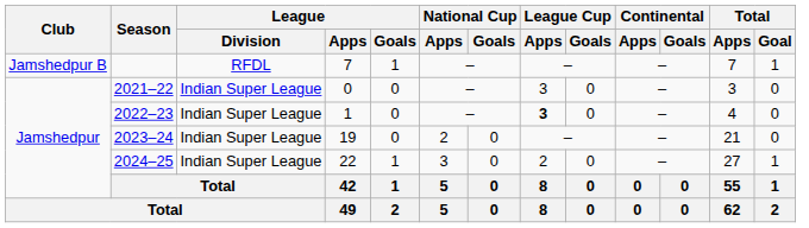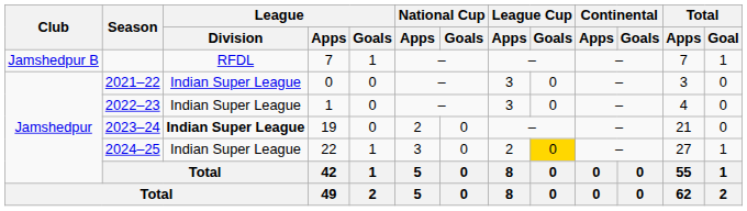 <table class="wikitable" style="text-align:center">
 <tr>
 <th rowspan="2">Club</th>
 <th rowspan="2">Season</th>
 <th colspan="3">League</th>
 <th colspan="2">National Cup</th>
 <th colspan="2">League Cup</th>
 <th colspan="2">Continental</th>
 <th colspan="2">Total</th>
 </tr>
 <tr>
 <th>Division</th>
 <th>Apps</th>
 <th>Goals</th>
 <th>Apps</th>
 <th>Goals</th>
 <th>Apps</th>
 <th>Goals</th>
 <th>Apps</th>
 <th>Goals</th>
 <th>Apps</th>
 <th>Goal</th>
 </tr>
 <tr>
 <td><a href='#'>Jamshedpur B</a></td>
 <td></td>
 <td><a href='#'>RFDL</a></td>
 <td>7</td>
 <td>1</td>
 <td colspan="2">–</td>
 <td colspan="2">–</td>
 <td colspan="2">–</td>
 <td>7</td>
 <td>1</td>
 </tr>
 <tr>
 <td rowspan="5"><a href='#'>Jamshedpur</a></td>
 <td><a href='#'>2021–22</a></td>
 <td><a href='#'>Indian Super League</a></td>
 <td>0</td>
 <td>0</td>
 <td colspan="2">–</td>
 <td>3</td>
 <td>0</td>
 <td colspan="2">–</td>
 <td>3</td>
 <td>0</td>
 </tr>
 <tr>
 <td><a href='#'>2022–23</a></td>
 <td>Indian Super League</td>
 <td>1</td>
 <td>0</td>
 <td colspan="2">–</td>
-<td><strong>3</strong></td>
+<td>3</td>
 <td>0</td>
 <td colspan="2">–</td>
 <td>4</td>
 <td>0</td>
 </tr>
 <tr>
 <td><a href='#'>2023–24</a></td>
-<td>Indian Super League</td>
+<td><strong>Indian Super League</strong></td>
 <td>19</td>
 <td>0</td>
 <td>2</td>
 <td>0</td>
 <td colspan="2">–</td>
 <td colspan="2">–</td>
 <td>21</td>
 <td>0</td>
 </tr>
 <tr>
 <td><a href='#'>2024–25</a></td>
 <td>Indian Super League</td>
 <td>22</td>
 <td>1</td>
 <td>3</td>
 <td>0</td>
 <td>2</td>
-<td>0</td>
+<td style="background: gold;">0</td>
 <td colspan="2">–</td>
 <td>27</td>
 <td>1</td>
 </tr>
 <tr>
 <th colspan="2">Total</th>
 <th>42</th>
 <th>1</th>
 <th>5</th>
 <th>0</th>
 <th>8</th>
 <th>0</th>
 <th>0</th>
 <th>0</th>
 <th>55</th>
 <th>1</th>
 </tr>
 <tr>
 <th colspan="3">Total</th>
 <th>49</th>
 <th>2</th>
 <th>5</th>
 <th>0</th>
 <th>8</th>
 <th>0</th>
 <th>0</th>
 <th>0</th>
 <th>62</th>
 <th>2</th>
 </tr>
 </table>
